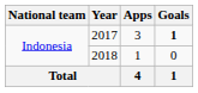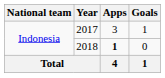 <table class=wikitable style=text-align:center>
 <tr>
 <th>National team</th>
 <th>Year</th>
 <th>Apps</th>
 <th>Goals</th>
 </tr>
 <tr>
 <td rowspan="2"><a href='#'>Indonesia</a></td>
 <td>2017</td>
 <td>3</td>
-<td><strong>1</strong></td>
+<td>1</td>
 </tr>
 <tr>
 <td>2018</td>
-<td>1</td>
+<td><strong>1</strong></td>
 <td>0</td>
 </tr>
 <tr>
 <th colspan=2>Total</th>
 <th>4</th>
 <th>1</th>
 </tr>
 </table>
